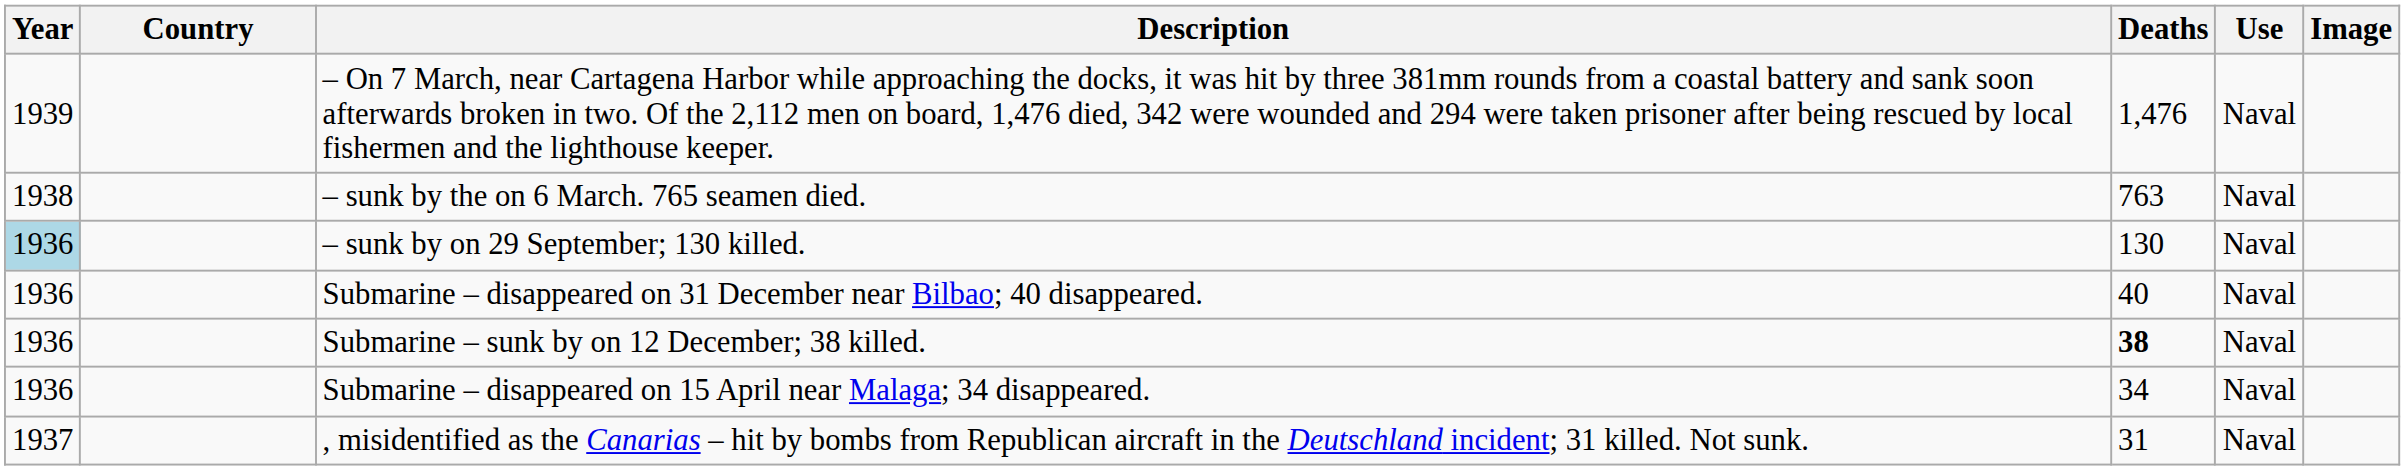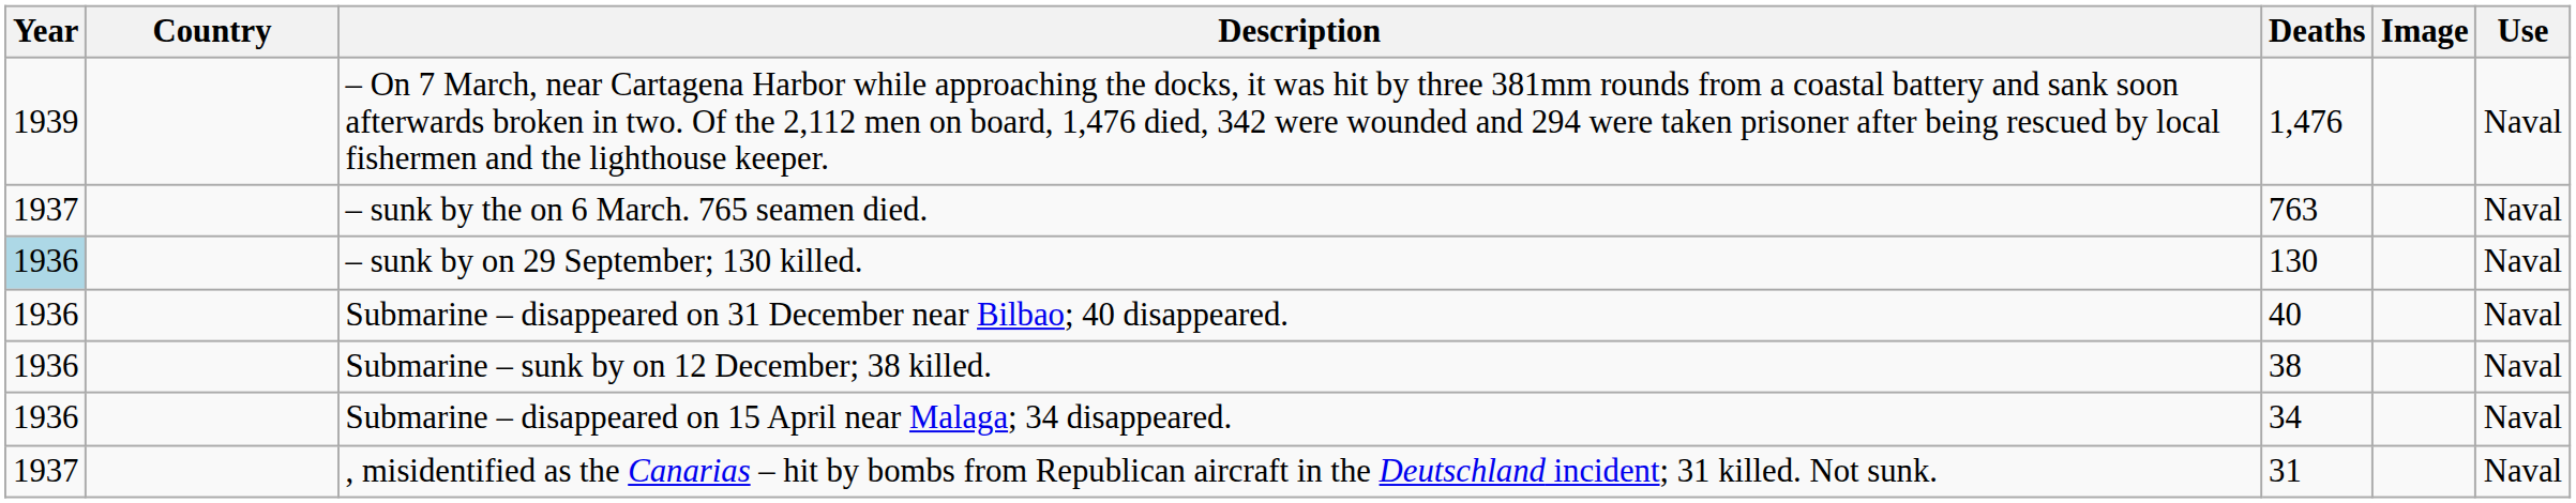 <table class="wikitable sortable" style="display: inline-table">
 <tr>
 <th data-sort-type="number">Year</th>
 <th width="115px">Country</th>
 <th class="unsortable">Description</th>
 <th data-sort-type="number">Deaths</th>
+<th class="unsortable">Image</th>
 <th>Use</th>
-<th class="unsortable">Image</th>
 </tr>
 <tr>
 <td>1939</td>
 <td></td>
 <td> – On 7 March, near Cartagena Harbor while approaching the docks, it was hit by three 381mm rounds from a coastal battery and sank soon afterwards broken in two. Of the 2,112 men on board, 1,476 died, 342 were wounded and 294 were taken prisoner after being rescued by local fishermen and the lighthouse keeper.</td>
 <td>1,476</td>
+<td></td>
 <td>Naval</td>
-<td></td>
 </tr>
 <tr>
-<td>1938</td>
+<td>1937</td>
 <td></td>
 <td><em></em> – sunk by the  on 6 March. 765 seamen died.</td>
 <td>763</td>
+<td></td>
 <td>Naval</td>
-<td></td>
 </tr>
 <tr>
 <td style="background: lightblue;">1936</td>
 <td></td>
 <td><em></em> – sunk by <em></em> on 29 September; 130 killed.</td>
 <td>130</td>
+<td></td>
 <td>Naval</td>
-<td></td>
 </tr>
 <tr>
 <td>1936</td>
 <td></td>
 <td>Submarine <em></em> – disappeared on 31 December near <a href='#'>Bilbao</a>; 40 disappeared.</td>
 <td>40</td>
+<td></td>
 <td>Naval</td>
-<td></td>
 </tr>
 <tr>
 <td>1936</td>
 <td></td>
 <td>Submarine <em></em> – sunk by <em></em> on 12 December; 38 killed.</td>
-<td><strong>38</strong></td>
+<td>38</td>
+<td></td>
 <td>Naval</td>
-<td></td>
 </tr>
 <tr>
 <td>1936</td>
 <td></td>
 <td>Submarine <em></em> – disappeared on 15 April near <a href='#'>Malaga</a>; 34 disappeared.</td>
 <td>34</td>
+<td></td>
 <td>Naval</td>
-<td></td>
 </tr>
 <tr>
 <td>1937</td>
 <td></td>
 <td>, misidentified as the <em><a href='#'>Canarias</a></em> – hit by bombs from Republican aircraft in the <a href='#'><em>Deutschland</em> incident</a>; 31 killed. Not sunk.</td>
 <td>31</td>
+<td></td>
 <td>Naval</td>
-<td></td>
 </tr>
 </table>
